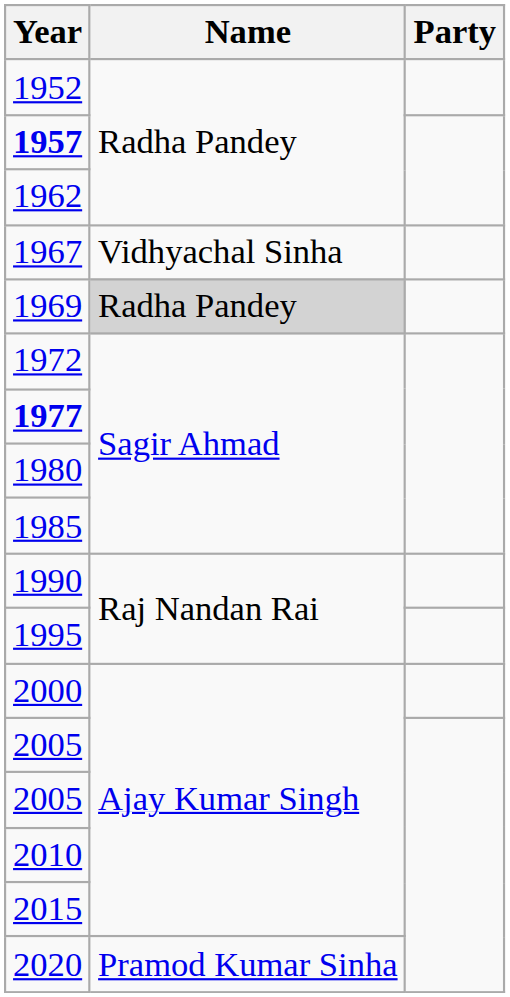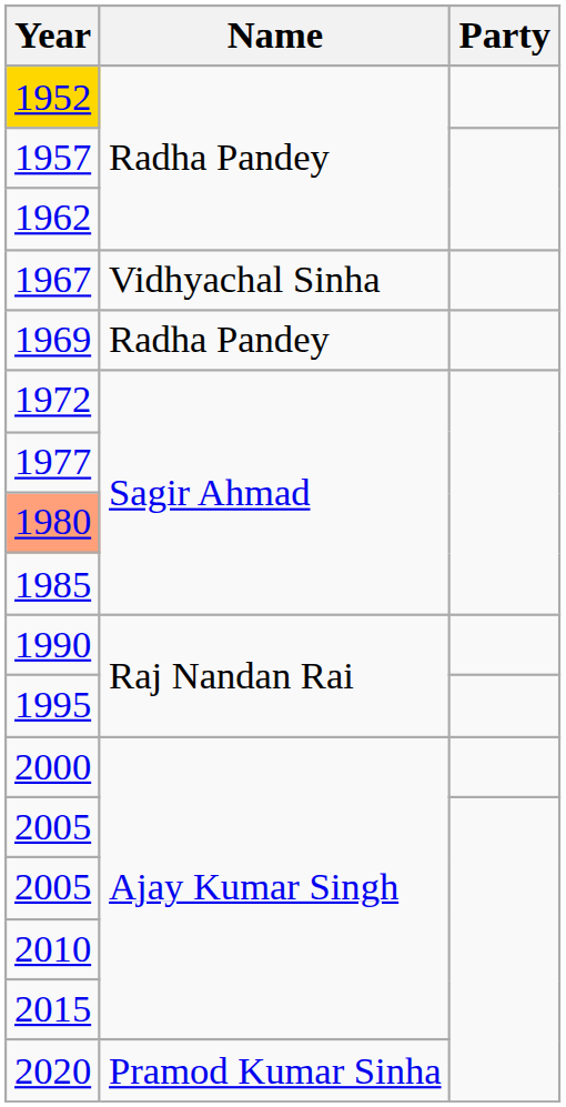 <table class="wikitable sortable">
 <tr>
 <th>Year</th>
 <th>Name</th>
 <th colspan="2">Party</th>
 </tr>
 <tr>
-<td><a href='#'>1952</a></td>
+<td style="background: gold;"><a href='#'>1952</a></td>
 <td rowspan="3">Radha Pandey</td>
 <td></td>
 </tr>
 <tr>
-<td><strong><a href='#'>1957</a></strong></td>
+<td><a href='#'>1957</a></td>
 </tr>
 <tr>
 <td><a href='#'>1962</a></td>
 </tr>
 <tr>
 <td><a href='#'>1967</a></td>
 <td>Vidhyachal Sinha</td>
 <td></td>
 </tr>
 <tr>
 <td><a href='#'>1969</a></td>
-<td style="background: lightgrey;">Radha Pandey</td>
+<td>Radha Pandey</td>
 <td></td>
 </tr>
 <tr>
 <td><a href='#'>1972</a></td>
 <td rowspan="4"><a href='#'>Sagir Ahmad</a></td>
 </tr>
 <tr>
-<td><strong><a href='#'>1977</a></strong></td>
+<td><a href='#'>1977</a></td>
 </tr>
 <tr>
-<td><a href='#'>1980</a></td>
+<td style="background: lightsalmon;"><a href='#'>1980</a></td>
 </tr>
 <tr>
 <td><a href='#'>1985</a></td>
 </tr>
 <tr>
 <td><a href='#'>1990</a></td>
 <td rowspan="2">Raj Nandan Rai</td>
 <td></td>
 </tr>
 <tr>
 <td><a href='#'>1995</a></td>
 </tr>
 <tr>
 <td><a href='#'>2000</a></td>
 <td rowspan="5"><a href='#'>Ajay Kumar Singh</a></td>
 <td></td>
 </tr>
 <tr>
 <td><a href='#'>2005</a></td>
 </tr>
 <tr>
 <td><a href='#'>2005</a></td>
 </tr>
 <tr>
 <td><a href='#'>2010</a></td>
 </tr>
 <tr>
 <td><a href='#'>2015</a></td>
 </tr>
 <tr>
 <td><a href='#'>2020</a></td>
 <td><a href='#'>Pramod Kumar Sinha</a></td>
 </tr>
 </table>
